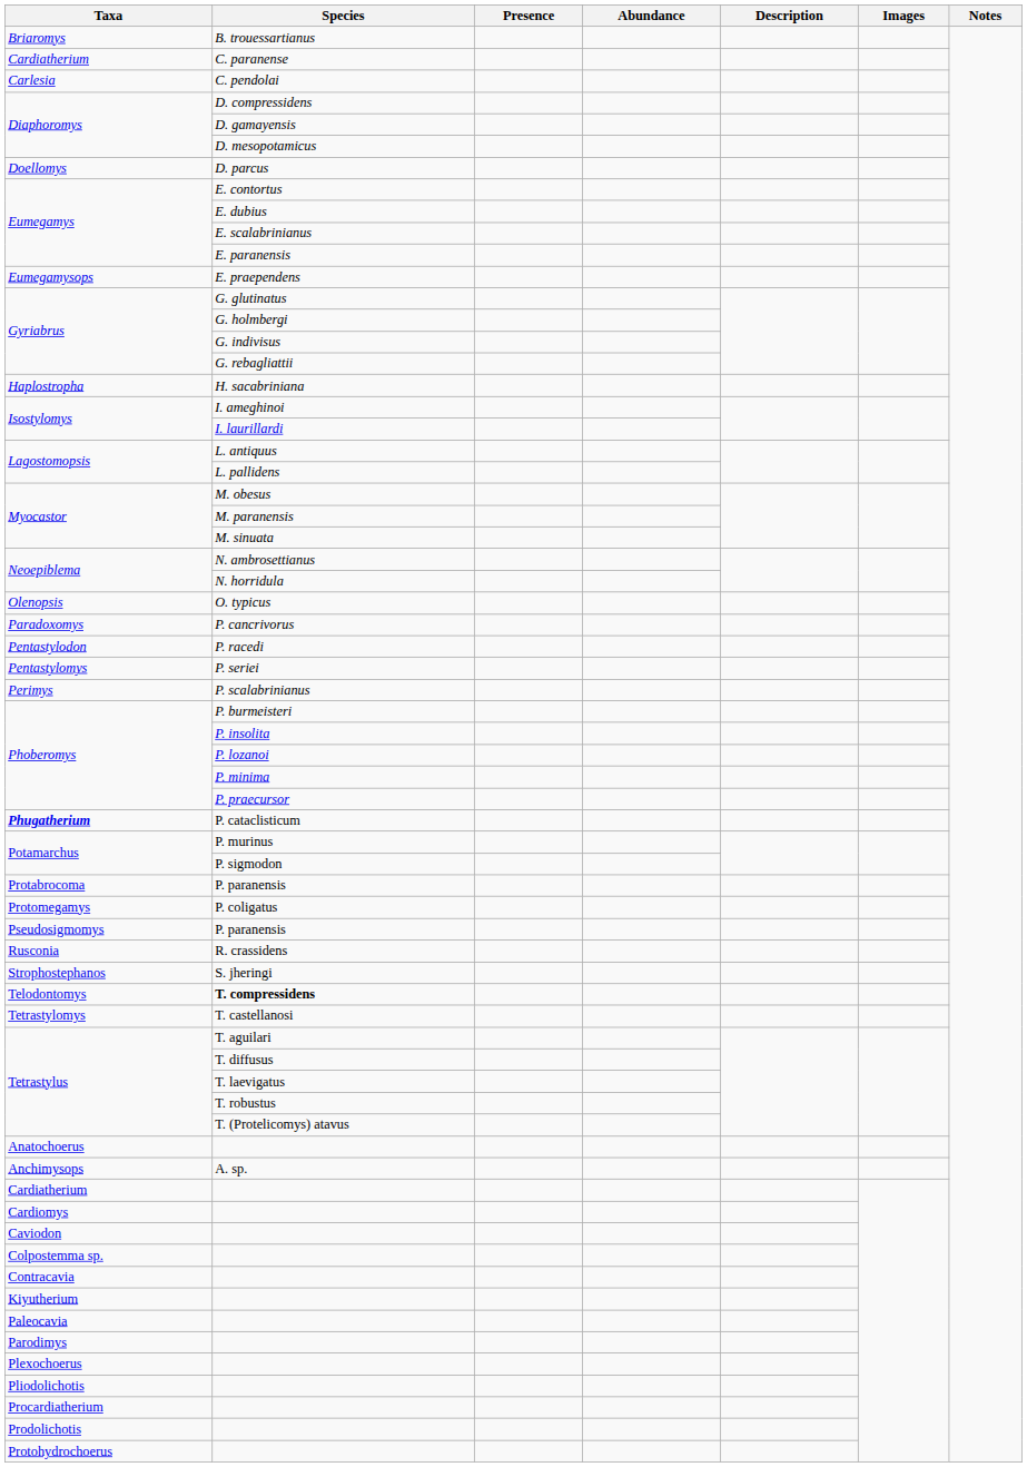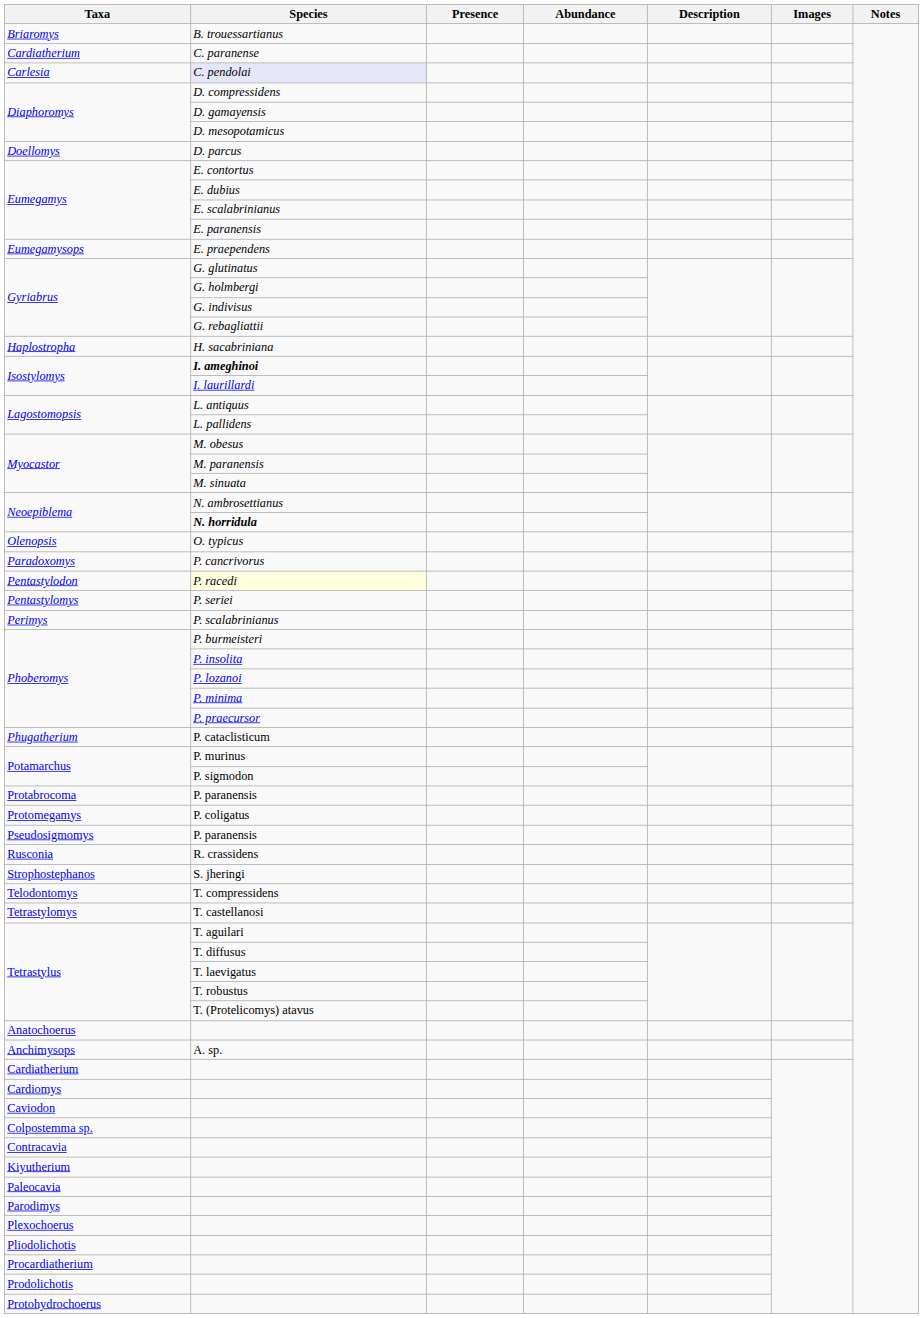 <table class="wikitable sortable" align="center" width="75%">
 <tr>
 <th>Taxa</th>
 <th>Species</th>
 <th>Presence</th>
 <th>Abundance</th>
 <th>Description</th>
 <th>Images</th>
 <th>Notes</th>
 </tr>
 <tr>
 <td><em><a href='#'>Briaromys</a></em></td>
 <td><em>B. trouessartianus</em></td>
 <td></td>
 <td></td>
 <td></td>
 <td></td>
 <td rowspan = 100></td>
 </tr>
 <tr>
 <td><em><a href='#'>Cardiatherium</a></em></td>
 <td><em>C. paranense</em></td>
 <td></td>
 <td></td>
 <td></td>
 <td></td>
 </tr>
 <tr>
 <td><em><a href='#'>Carlesia</a></em></td>
-<td><em>C. pendolai</em></td>
+<td style="background: lavender;"><em>C. pendolai</em></td>
 <td></td>
 <td></td>
 <td></td>
 <td></td>
 </tr>
 <tr>
 <td rowspan=3><em><a href='#'>Diaphoromys</a></em></td>
 <td><em>D. compressidens</em></td>
 <td></td>
 <td></td>
 <td></td>
 <td></td>
 </tr>
 <tr>
 <td><em>D. gamayensis</em></td>
 <td></td>
 <td></td>
 <td></td>
 <td></td>
 </tr>
 <tr>
 <td><em>D. mesopotamicus</em></td>
 <td></td>
 <td></td>
 <td></td>
 <td></td>
 </tr>
 <tr>
 <td><em><a href='#'>Doellomys</a></em></td>
 <td><em>D. parcus</em></td>
 <td></td>
 <td></td>
 <td></td>
 <td></td>
 </tr>
 <tr>
 <td rowspan = 4><em><a href='#'>Eumegamys</a></em></td>
 <td><em>E. contortus</em></td>
 <td></td>
 <td></td>
 <td></td>
 <td></td>
 </tr>
 <tr>
 <td><em>E. dubius</em></td>
 <td></td>
 <td></td>
 <td></td>
 <td></td>
 </tr>
 <tr>
 <td><em>E. scalabrinianus</em></td>
 <td></td>
 <td></td>
 <td></td>
 <td></td>
 </tr>
 <tr>
 <td><em>E. paranensis</em></td>
 <td></td>
 <td></td>
 <td></td>
 <td></td>
 </tr>
 <tr>
 <td><em><a href='#'>Eumegamysops</a></em></td>
 <td><em>E. praependens</em></td>
 <td></td>
 <td></td>
 <td></td>
 <td></td>
 </tr>
 <tr>
 <td rowspan = 4><em><a href='#'>Gyriabrus</a></em></td>
 <td><em>G. glutinatus</em></td>
 <td></td>
 <td></td>
 <td rowspan = 4></td>
 <td rowspan = 4></td>
 </tr>
 <tr>
 <td><em>G. holmbergi</em></td>
 <td></td>
 <td></td>
 </tr>
 <tr>
 <td><em>G. indivisus</em></td>
 <td></td>
 <td></td>
 </tr>
 <tr>
 <td><em>G. rebagliattii</em></td>
 <td></td>
 <td></td>
 </tr>
 <tr>
 <td><em><a href='#'>Haplostropha</a></em></td>
 <td><em>H. sacabriniana</em></td>
 <td></td>
 <td></td>
 <td></td>
 <td></td>
 </tr>
 <tr>
 <td rowspan = 2><em><a href='#'>Isostylomys</a></em></td>
-<td><em>I. ameghinoi</em></td>
+<td><strong><em>I. ameghinoi</em></strong></td>
 <td></td>
 <td></td>
 <td rowspan = 2></td>
 <td rowspan = 2></td>
 </tr>
 <tr>
 <td><em><a href='#'>I. laurillardi</a></em></td>
 <td></td>
 <td></td>
 </tr>
 <tr>
 <td rowspan = 2><em><a href='#'>Lagostomopsis</a></em></td>
 <td><em>L. antiquus</em></td>
 <td></td>
 <td></td>
 <td rowspan = 2></td>
 <td rowspan = 2></td>
 </tr>
 <tr>
 <td><em>L. pallidens</em></td>
 <td></td>
 <td></td>
 </tr>
 <tr>
 <td rowspan = 3><em><a href='#'>Myocastor</a></em></td>
 <td><em>M. obesus</em></td>
 <td></td>
 <td></td>
 <td rowspan =3></td>
 <td rowspan = 3></td>
 </tr>
 <tr>
 <td><em>M. paranensis</em></td>
 <td></td>
 <td></td>
 </tr>
 <tr>
 <td><em>M. sinuata</em></td>
 <td></td>
 <td></td>
 </tr>
 <tr>
 <td rowspan = 2><em><a href='#'>Neoepiblema</a></em></td>
 <td><em>N. ambrosettianus</em></td>
 <td></td>
 <td></td>
 <td rowspan = 2></td>
 <td rowspan =2></td>
 </tr>
 <tr>
-<td><em>N. horridula</em></td>
+<td><strong><em>N. horridula</em></strong></td>
 <td></td>
 <td></td>
 </tr>
 <tr>
 <td><em><a href='#'>Olenopsis</a></em></td>
 <td><em>O. typicus</em></td>
 <td></td>
 <td></td>
 <td></td>
 <td></td>
 </tr>
 <tr>
 <td><em><a href='#'>Paradoxomys</a></em></td>
 <td><em>P. cancrivorus</em></td>
 <td></td>
 <td></td>
 <td></td>
 <td></td>
 </tr>
 <tr>
 <td><em><a href='#'>Pentastylodon</a></em></td>
-<td><em>P. racedi</em></td>
+<td style="background: lightyellow;"><em>P. racedi</em></td>
 <td></td>
 <td></td>
 <td></td>
 <td></td>
 </tr>
 <tr>
 <td><em><a href='#'>Pentastylomys</a></em></td>
 <td><em>P. seriei</em></td>
 <td></td>
 <td></td>
 <td></td>
 <td></td>
 </tr>
 <tr>
 <td><em><a href='#'>Perimys</a></em></td>
 <td><em>P. scalabrinianus</em></td>
 <td></td>
 <td></td>
 <td></td>
 <td></td>
 </tr>
 <tr>
 <td rowspan = 5><em><a href='#'>Phoberomys</a></em></td>
 <td><em>P. burmeisteri</em></td>
 <td></td>
 <td></td>
 <td></td>
 <td></td>
 </tr>
 <tr>
 <td><em><a href='#'>P. insolita</a></em></td>
 <td></td>
 <td></td>
 <td></td>
 <td></td>
 </tr>
 <tr>
 <td><em><a href='#'>P. lozanoi</a></em></td>
 <td></td>
 <td></td>
 <td></td>
 <td></td>
 </tr>
 <tr>
 <td><em><a href='#'>P. minima</a></em></td>
 <td></td>
 <td></td>
 <td></td>
 <td></td>
 </tr>
 <tr>
 <td><em><a href='#'>P. praecursor</a></em></td>
 <td></td>
 <td></td>
 <td></td>
 <td></td>
 </tr>
 <tr>
-<td><strong><em><a href='#'>Phugatherium</a></strong></td>
+<td><em><a href='#'>Phugatherium</a></td>
 <td></em>P. cataclisticum<em></td>
 <td></td>
 <td></td>
 <td></td>
 <td></td>
 </tr>
 <tr>
 <td rowspan =2></em><a href='#'>Potamarchus</a><em></td>
 <td></em>P. murinus<em></td>
 <td></td>
 <td></td>
 <td rowspan =2></td>
 <td rowspan =2></td>
 </tr>
 <tr>
 <td></em>P. sigmodon<em></td>
 <td></td>
 <td></td>
 </tr>
 <tr>
 <td></em><a href='#'>Protabrocoma</a><em></td>
 <td></em>P. paranensis<em></td>
 <td></td>
 <td></td>
 <td></td>
 <td></td>
 </tr>
 <tr>
 <td></em><a href='#'>Protomegamys</a><em></td>
 <td></em>P. coligatus<em></td>
 <td></td>
 <td></td>
 <td></td>
 <td></td>
 </tr>
 <tr>
 <td></em><a href='#'>Pseudosigmomys</a><em></td>
 <td></em>P. paranensis<em></td>
 <td></td>
 <td></td>
 <td></td>
 <td></td>
 </tr>
 <tr>
 <td></em><a href='#'>Rusconia</a><em></td>
 <td></em>R. crassidens<em></td>
 <td></td>
 <td></td>
 <td></td>
 <td></td>
 </tr>
 <tr>
 <td></em><a href='#'>Strophostephanos</a><em></td>
 <td></em>S. jheringi<em></td>
 <td></td>
 <td></td>
 <td></td>
 <td></td>
 </tr>
 <tr>
 <td></em><a href='#'>Telodontomys</a><em></td>
-<td><strong></em>T. compressidens<em></strong></td>
+<td></em>T. compressidens<em></td>
 <td></td>
 <td></td>
 <td></td>
 <td></td>
 </tr>
 <tr>
 <td></em><a href='#'>Tetrastylomys</a><em></td>
 <td></em>T. castellanosi<em></td>
 <td></td>
 <td></td>
 <td></td>
 <td></td>
 </tr>
 <tr>
 <td rowspan = 5></em><a href='#'>Tetrastylus</a><em></td>
 <td></em>T. aguilari<em></td>
 <td></td>
 <td></td>
 <td rowspan =5></td>
 <td rowspan = 5></td>
 </tr>
 <tr>
 <td></em>T. diffusus<em></td>
 <td></td>
 <td></td>
 </tr>
 <tr>
 <td></em>T. laevigatus<em></td>
 <td></td>
 <td></td>
 </tr>
 <tr>
 <td></em>T. robustus<em></td>
 <td></td>
 <td></td>
 </tr>
 <tr>
 <td></em>T. (Protelicomys) atavus<em></td>
 <td></td>
 <td></td>
 </tr>
 <tr>
 <td></em><a href='#'>Anatochoerus</a><em></td>
 <td></td>
 <td></td>
 <td></td>
 <td></td>
 </tr>
 <tr>
 <td></em><a href='#'>Anchimysops</a><em></td>
 <td></em>A. sp.<em></td>
 <td></td>
 <td></td>
 <td></td>
 <td></td>
 </tr>
 <tr>
 <td></em><a href='#'>Cardiatherium</a><em></td>
 <td></td>
 <td></td>
 <td></td>
 <td></td>
 </tr>
 <tr>
 <td></em><a href='#'>Cardiomys</a><em></td>
 <td></td>
 <td></td>
 <td></td>
 <td></td>
 </tr>
 <tr>
 <td></em><a href='#'>Caviodon</a><em></td>
 <td></td>
 <td></td>
 <td></td>
 <td></td>
 </tr>
 <tr>
 <td></em><a href='#'>Colpostemma sp.</a><em></td>
 <td></td>
 <td></td>
 <td></td>
 <td></td>
 </tr>
 <tr>
 <td></em><a href='#'>Contracavia</a><em></td>
 <td></td>
 <td></td>
 <td></td>
 <td></td>
 </tr>
 <tr>
 <td></em><a href='#'>Kiyutherium</a><em></td>
 <td></td>
 <td></td>
 <td></td>
 <td></td>
 </tr>
 <tr>
 <td></em><a href='#'>Paleocavia</a><em></td>
 <td></td>
 <td></td>
 <td></td>
 <td></td>
 </tr>
 <tr>
 <td></em><a href='#'>Parodimys</a><em></td>
 <td></td>
 <td></td>
 <td></td>
 <td></td>
 </tr>
 <tr>
 <td></em><a href='#'>Plexochoerus</a><em></td>
 <td></td>
 <td></td>
 <td></td>
 <td></td>
 </tr>
 <tr>
 <td></em><a href='#'>Pliodolichotis</a><em></td>
 <td></td>
 <td></td>
 <td></td>
 <td></td>
 </tr>
 <tr>
 <td></em><a href='#'>Procardiatherium</a><em></td>
 <td></td>
 <td></td>
 <td></td>
 <td></td>
 </tr>
 <tr>
 <td></em><a href='#'>Prodolichotis</a><em></td>
 <td></td>
 <td></td>
 <td></td>
 <td></td>
 </tr>
 <tr>
 <td></em><a href='#'>Protohydrochoerus</a><em></td>
 <td></td>
 <td></td>
 <td></td>
 <td></td>
 </tr>
 </table>
